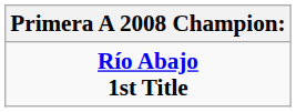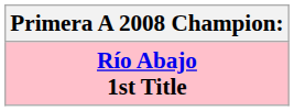 <table class="wikitable" style="text-align: center; margin: 0 auto;">
 <tr>
 <th>Primera A 2008 Champion:</th>
 </tr>
 <tr>
-<td><strong><a href='#'>Río Abajo</a></strong><br><strong>1st Title</strong></td>
+<td style="background: pink;"><strong><a href='#'>Río Abajo</a></strong><br><strong>1st Title</strong></td>
 </tr>
 </table>
